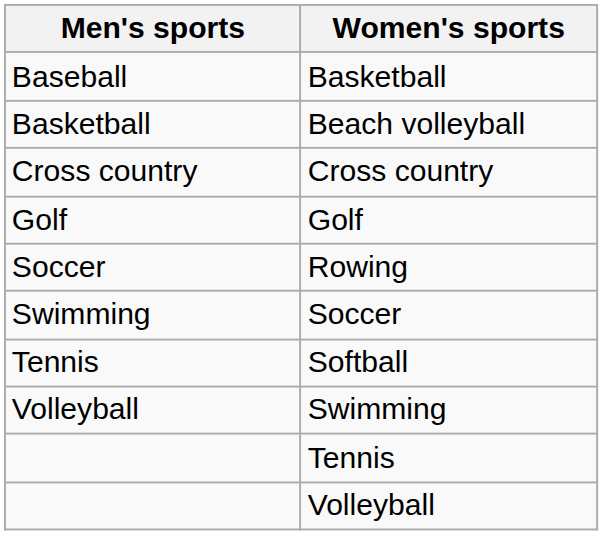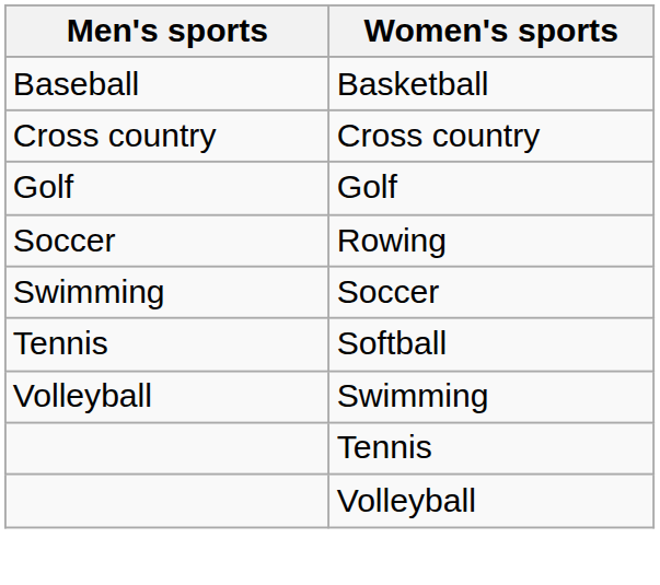 <table class="wikitable"; style= "text-align: ">
 <tr>
 <th width=150px>Men's sports</th>
 <th width=150px>Women's sports</th>
 </tr>
 <tr>
 <td>Baseball</td>
 <td>Basketball</td>
-</tr>
-<tr>
-<td>Basketball</td>
-<td>Beach volleyball</td>
 </tr>
 <tr>
 <td>Cross country</td>
 <td>Cross country</td>
 </tr>
 <tr>
 <td>Golf</td>
 <td>Golf</td>
 </tr>
 <tr>
 <td>Soccer</td>
 <td>Rowing</td>
 </tr>
 <tr>
 <td>Swimming</td>
 <td>Soccer</td>
 </tr>
 <tr>
 <td>Tennis</td>
 <td>Softball</td>
 </tr>
 <tr>
 <td>Volleyball</td>
 <td>Swimming</td>
 </tr>
 <tr>
 <td></td>
 <td>Tennis</td>
 </tr>
 <tr>
 <td></td>
 <td>Volleyball</td>
 </tr>
 </table>
